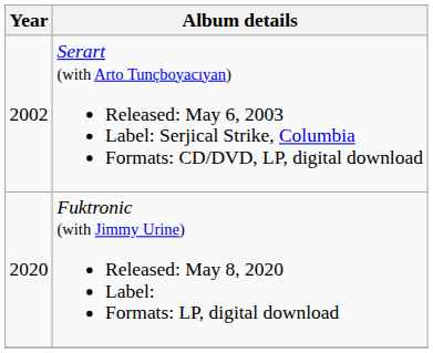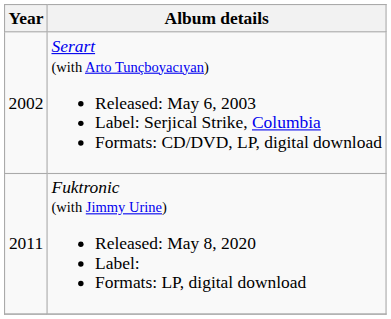 <table class="wikitable">
 <tr>
 <th>Year</th>
 <th>Album details</th>
 </tr>
 <tr>
 <td align="center">2002</td>
 <td><em><a href='#'>Serart</a></em><br><small>(with <a href='#'>Arto Tunçboyacıyan</a>)</small><br><ul><li>Released: May 6, 2003</li><li>Label: Serjical Strike, <a href='#'>Columbia</a></li><li>Formats: CD/DVD, LP, digital download</li></ul></td>
 </tr>
 <tr>
-<td align="center">2020</td>
+<td align="center">2011</td>
 <td><em>Fuktronic</em><br><small>(with <a href='#'>Jimmy Urine</a>)</small><br><ul><li>Released: May 8, 2020</li><li>Label:</li><li>Formats: LP, digital download</li></ul></td>
 </tr>
 <tr>
 </tr>
 </table>
